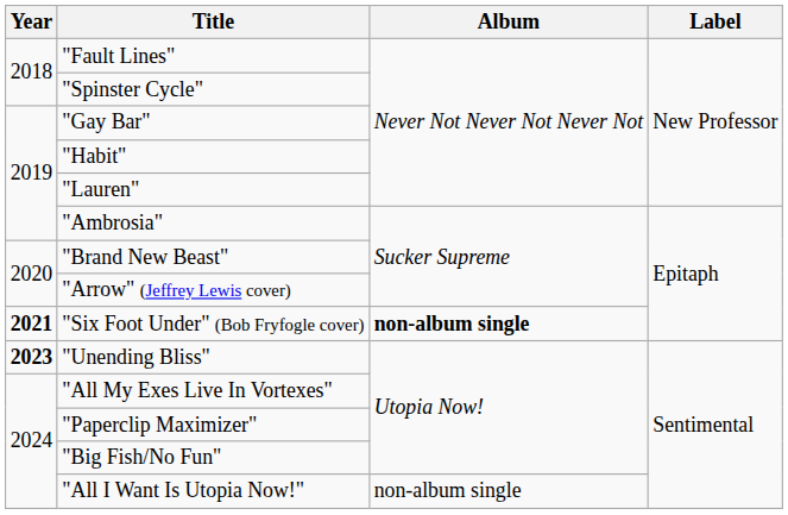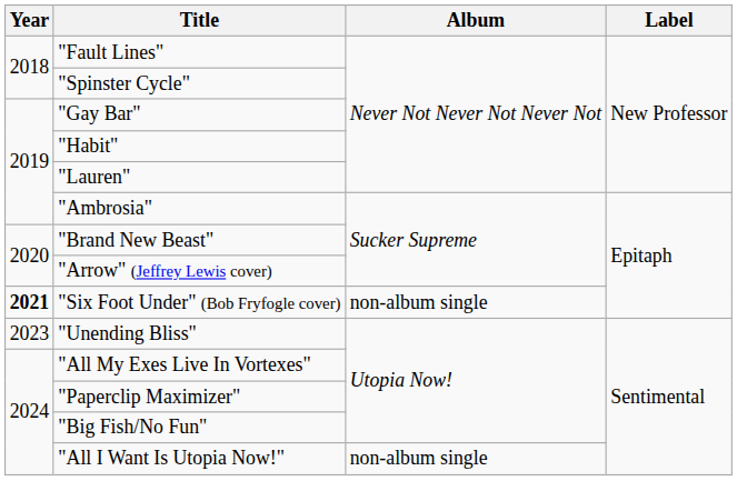 <table class="wikitable">
 <tr>
 <th>Year</th>
 <th>Title</th>
 <th>Album</th>
 <th>Label</th>
 </tr>
 <tr>
 <td rowspan="2">2018</td>
 <td>"Fault Lines"</td>
 <td rowspan="5"><em>Never Not Never Not Never Not</em></td>
 <td rowspan="5">New Professor</td>
 </tr>
 <tr>
 <td>"Spinster Cycle"</td>
 </tr>
 <tr>
 <td rowspan="4">2019</td>
 <td>"Gay Bar"</td>
 </tr>
 <tr>
 <td>"Habit"</td>
 </tr>
 <tr>
 <td>"Lauren"</td>
 </tr>
 <tr>
 <td>"Ambrosia"</td>
 <td rowspan="3"><em>Sucker Supreme</em></td>
 <td rowspan="4">Epitaph</td>
 </tr>
 <tr>
 <td rowspan="2">2020</td>
 <td>"Brand New Beast"</td>
 </tr>
 <tr>
 <td>"Arrow" <small>(<a href='#'>Jeffrey Lewis</a> cover)</small></td>
 </tr>
 <tr>
 <td><strong>2021</strong></td>
 <td>"Six Foot Under" <small>(Bob Fryfogle cover)</small></td>
-<td><strong>non-album single</strong></td>
+<td>non-album single</td>
 </tr>
 <tr>
-<td><strong>2023</strong></td>
+<td>2023</td>
 <td>"Unending Bliss"</td>
 <td rowspan="4"><em>Utopia Now!</em></td>
 <td rowspan="5">Sentimental</td>
 </tr>
 <tr>
 <td rowspan="4">2024</td>
 <td>"All My Exes Live In Vortexes"</td>
 </tr>
 <tr>
 <td>"Paperclip Maximizer"</td>
 </tr>
 <tr>
 <td>"Big Fish/No Fun"</td>
 </tr>
 <tr>
 <td>"All I Want Is Utopia Now!"</td>
 <td>non-album single</td>
 </tr>
 </table>
